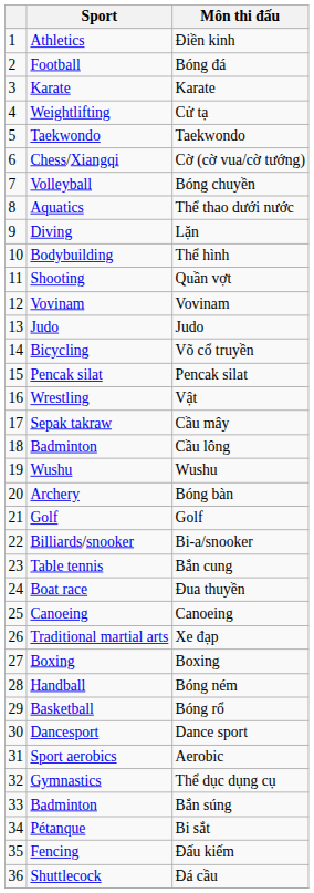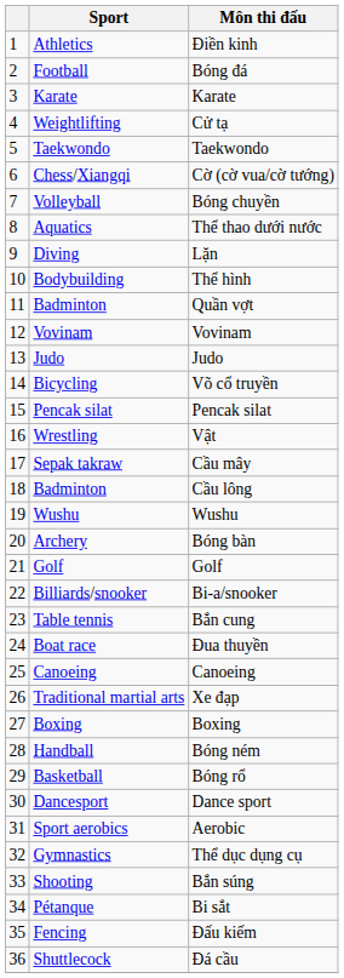 <table class="wikitable">
 <tr>
 <th></th>
 <th>Sport</th>
 <th>Môn thi đấu</th>
 </tr>
 <tr>
 <td>1</td>
 <td><a href='#'>Athletics</a></td>
 <td>Điền kinh</td>
 </tr>
 <tr>
 <td>2</td>
 <td><a href='#'>Football</a></td>
 <td>Bóng đá</td>
 </tr>
 <tr>
 <td>3</td>
 <td><a href='#'>Karate</a></td>
 <td>Karate</td>
 </tr>
 <tr>
 <td>4</td>
 <td><a href='#'>Weightlifting</a></td>
 <td>Cử tạ</td>
 </tr>
 <tr>
 <td>5</td>
 <td><a href='#'>Taekwondo</a></td>
 <td>Taekwondo</td>
 </tr>
 <tr>
 <td>6</td>
 <td><a href='#'>Chess</a>/<a href='#'>Xiangqi</a></td>
 <td>Cờ (cờ vua/cờ tướng)</td>
 </tr>
 <tr>
 <td>7</td>
 <td><a href='#'>Volleyball</a></td>
 <td>Bóng chuyền</td>
 </tr>
 <tr>
 <td>8</td>
 <td><a href='#'>Aquatics</a></td>
 <td>Thể thao dưới nước</td>
 </tr>
 <tr>
 <td>9</td>
 <td><a href='#'>Diving</a></td>
 <td>Lặn</td>
 </tr>
 <tr>
 <td>10</td>
 <td><a href='#'>Bodybuilding</a></td>
 <td>Thể hình</td>
 </tr>
 <tr>
 <td>11</td>
-<td><a href='#'>Shooting</a></td>
+<td><a href='#'>Badminton</a></td>
 <td>Quần vợt</td>
 </tr>
 <tr>
 <td>12</td>
 <td><a href='#'>Vovinam</a></td>
 <td>Vovinam</td>
 </tr>
 <tr>
 <td>13</td>
 <td><a href='#'>Judo</a></td>
 <td>Judo</td>
 </tr>
 <tr>
 <td>14</td>
 <td><a href='#'>Bicycling</a></td>
 <td>Võ cổ truyền</td>
 </tr>
 <tr>
 <td>15</td>
 <td><a href='#'>Pencak silat</a></td>
 <td>Pencak silat</td>
 </tr>
 <tr>
 <td>16</td>
 <td><a href='#'>Wrestling</a></td>
 <td>Vật</td>
 </tr>
 <tr>
 <td>17</td>
 <td><a href='#'>Sepak takraw</a></td>
 <td>Cầu mây</td>
 </tr>
 <tr>
 <td>18</td>
 <td><a href='#'>Badminton</a></td>
 <td>Cầu lông</td>
 </tr>
 <tr>
 <td>19</td>
 <td><a href='#'>Wushu</a></td>
 <td>Wushu</td>
 </tr>
 <tr>
 <td>20</td>
 <td><a href='#'>Archery</a></td>
 <td>Bóng bàn</td>
 </tr>
 <tr>
 <td>21</td>
 <td><a href='#'>Golf</a></td>
 <td>Golf</td>
 </tr>
 <tr>
 <td>22</td>
 <td><a href='#'>Billiards</a>/<a href='#'>snooker</a></td>
 <td>Bi-a/snooker</td>
 </tr>
 <tr>
 <td>23</td>
 <td><a href='#'>Table tennis</a></td>
 <td>Bắn cung</td>
 </tr>
 <tr>
 <td>24</td>
 <td><a href='#'>Boat race</a></td>
 <td>Đua thuyền</td>
 </tr>
 <tr>
 <td>25</td>
 <td><a href='#'>Canoeing</a></td>
 <td>Canoeing</td>
 </tr>
 <tr>
 <td>26</td>
 <td><a href='#'>Traditional martial arts</a></td>
 <td>Xe đạp</td>
 </tr>
 <tr>
 <td>27</td>
 <td><a href='#'>Boxing</a></td>
 <td>Boxing</td>
 </tr>
 <tr>
 <td>28</td>
 <td><a href='#'>Handball</a></td>
 <td>Bóng ném</td>
 </tr>
 <tr>
 <td>29</td>
 <td><a href='#'>Basketball</a></td>
 <td>Bóng rổ</td>
 </tr>
 <tr>
 <td>30</td>
 <td><a href='#'>Dancesport</a></td>
 <td>Dance sport</td>
 </tr>
 <tr>
 <td>31</td>
 <td><a href='#'>Sport aerobics</a></td>
 <td>Aerobic</td>
 </tr>
 <tr>
 <td>32</td>
 <td><a href='#'>Gymnastics</a></td>
 <td>Thể dục dụng cụ</td>
 </tr>
 <tr>
 <td>33</td>
-<td><a href='#'>Badminton</a></td>
+<td><a href='#'>Shooting</a></td>
 <td>Bắn súng</td>
 </tr>
 <tr>
 <td>34</td>
 <td><a href='#'>Pétanque</a></td>
 <td>Bi sắt</td>
 </tr>
 <tr>
 <td>35</td>
 <td><a href='#'>Fencing</a></td>
 <td>Đấu kiếm</td>
 </tr>
 <tr>
 <td>36</td>
 <td><a href='#'>Shuttlecock</a></td>
 <td>Đá cầu</td>
 </tr>
 <tr>
 </tr>
 </table>
